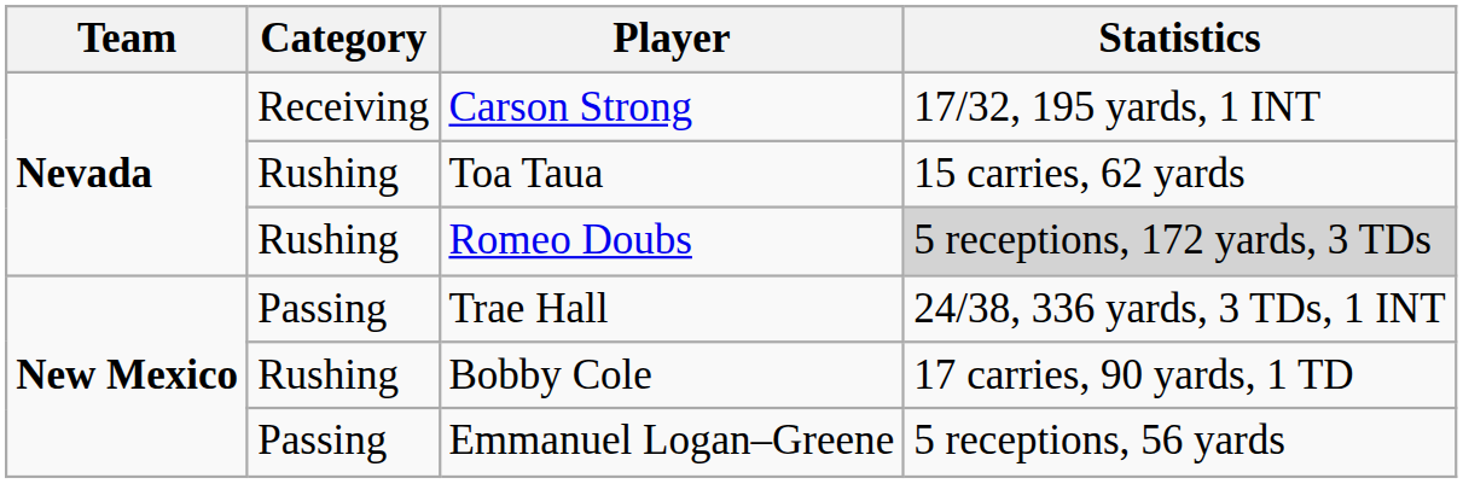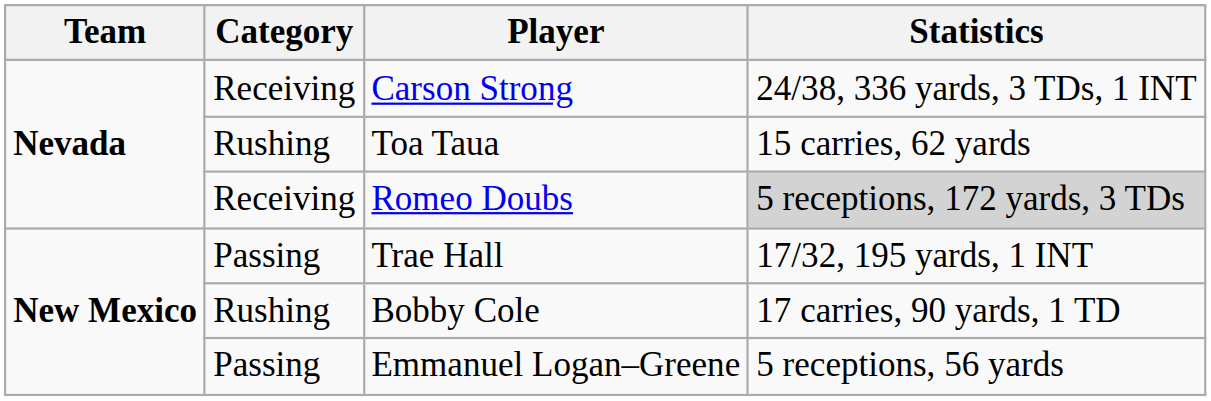 <table class="wikitable" style="float: left;">
 <tr>
 <th>Team</th>
 <th>Category</th>
 <th>Player</th>
 <th>Statistics</th>
 </tr>
 <tr>
 <td rowspan=3><strong>Nevada</strong></td>
 <td>Receiving</td>
 <td><a href='#'>Carson Strong</a></td>
-<td>17/32, 195 yards, 1 INT</td>
+<td>24/38, 336 yards, 3 TDs, 1 INT</td>
 </tr>
 <tr>
 <td>Rushing</td>
 <td>Toa Taua</td>
 <td>15 carries, 62 yards</td>
 </tr>
 <tr>
-<td>Rushing</td>
+<td>Receiving</td>
 <td><a href='#'>Romeo Doubs</a></td>
 <td style="background: lightgrey;">5 receptions, 172 yards, 3 TDs</td>
 </tr>
 <tr>
 <td rowspan=3><strong>New Mexico</strong></td>
 <td>Passing</td>
 <td>Trae Hall</td>
-<td>24/38, 336 yards, 3 TDs, 1 INT</td>
+<td>17/32, 195 yards, 1 INT</td>
 </tr>
 <tr>
 <td>Rushing</td>
 <td>Bobby Cole</td>
 <td>17 carries, 90 yards, 1 TD</td>
 </tr>
 <tr>
 <td>Passing</td>
 <td>Emmanuel Logan–Greene</td>
 <td>5 receptions, 56 yards</td>
 </tr>
 </table>
